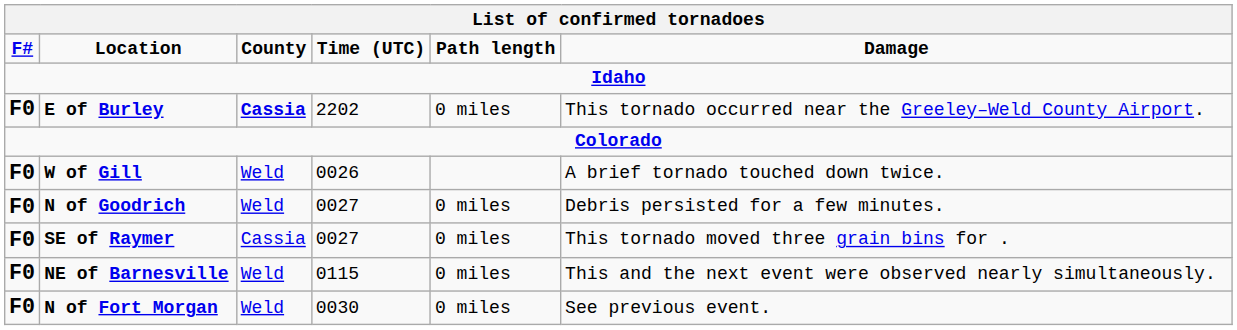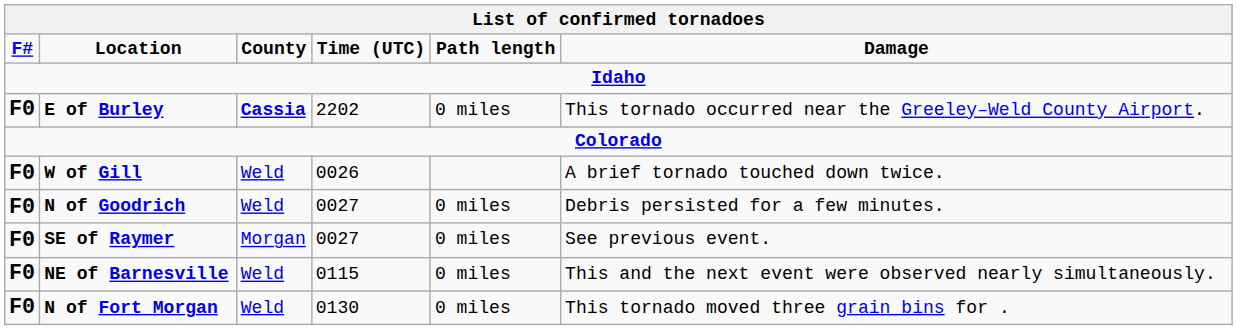 <table class="wikitable" width="100%">
 <tr>
 <th colspan="6">List of confirmed tornadoes</th>
 </tr>
 <tr style="text-align:center;">
 <td><strong><a href='#'>F#</a></strong></td>
 <td><strong>Location</strong></td>
 <td><strong>County</strong></td>
 <td><strong>Time (UTC)</strong></td>
 <td><strong>Path length</strong></td>
 <td><strong>Damage</strong></td>
 </tr>
 <tr>
 <td colspan="7" align=center><strong><a href='#'>Idaho</a></strong></td>
 </tr>
 <tr>
 <td><big><strong>F0</strong></big></td>
 <td><strong>E of <a href='#'>Burley</a></strong></td>
 <td><strong><a href='#'>Cassia</a></strong></td>
 <td>2202</td>
 <td>0 miles</td>
 <td>This tornado occurred near the <a href='#'>Greeley–Weld County Airport</a>.</td>
 </tr>
 <tr>
 <td colspan="7" align=center><strong><a href='#'>Colorado</a></strong></td>
 </tr>
 <tr>
 <td><big><strong>F0</strong></big></td>
 <td><strong>W of <a href='#'>Gill</a></strong></td>
 <td><a href='#'>Weld</a></td>
 <td>0026</td>
 <td></td>
 <td>A brief tornado touched down twice.</td>
 </tr>
 <tr>
 <td><big><strong>F0</strong></big></td>
 <td><strong>N of <a href='#'>Goodrich</a></strong></td>
 <td><a href='#'>Weld</a></td>
 <td>0027</td>
 <td>0 miles</td>
 <td>Debris persisted for a few minutes.</td>
 </tr>
 <tr>
 <td><big><strong>F0</strong></big></td>
 <td><strong>SE of <a href='#'>Raymer</a></strong></td>
-<td><a href='#'>Cassia</a></td>
+<td><a href='#'>Morgan</a></td>
 <td>0027</td>
 <td>0 miles</td>
-<td>This tornado moved three <a href='#'>grain bins</a> for .</td>
+<td>See previous event.</td>
 </tr>
 <tr>
 <td><big><strong>F0</strong></big></td>
 <td><strong>NE of <a href='#'>Barnesville</a></strong></td>
 <td><a href='#'>Weld</a></td>
 <td>0115</td>
 <td>0 miles</td>
 <td>This and the next event were observed nearly simultaneously.</td>
 </tr>
 <tr>
 <td><big><strong>F0</strong></big></td>
 <td><strong>N of <a href='#'>Fort Morgan</a></strong></td>
 <td><a href='#'>Weld</a></td>
-<td>0030</td>
+<td>0130</td>
 <td>0 miles</td>
-<td>See previous event.</td>
+<td>This tornado moved three <a href='#'>grain bins</a> for .</td>
 </tr>
 </table>
